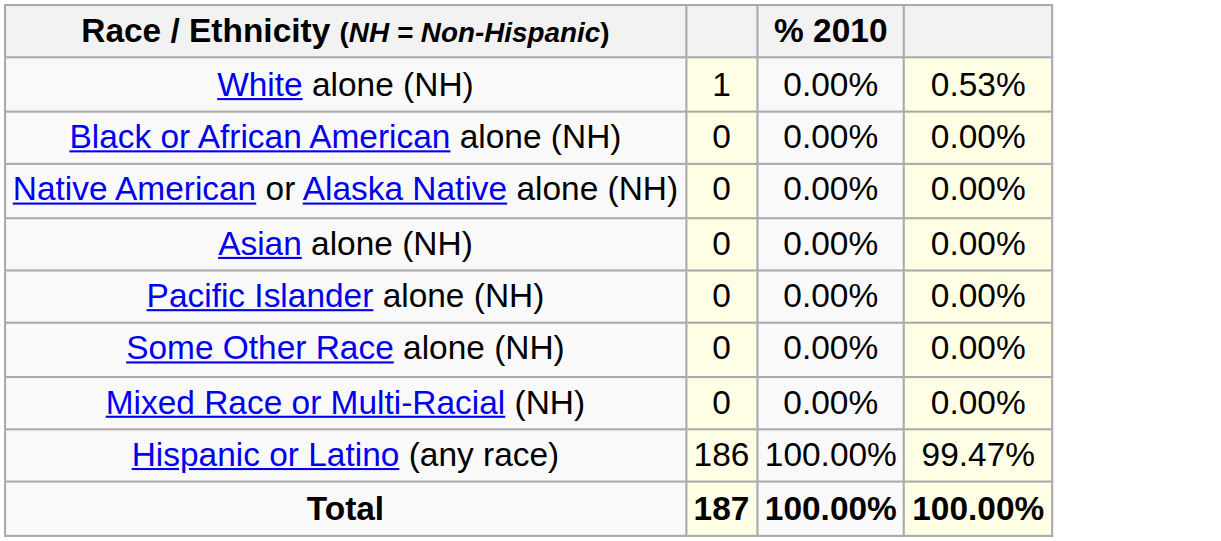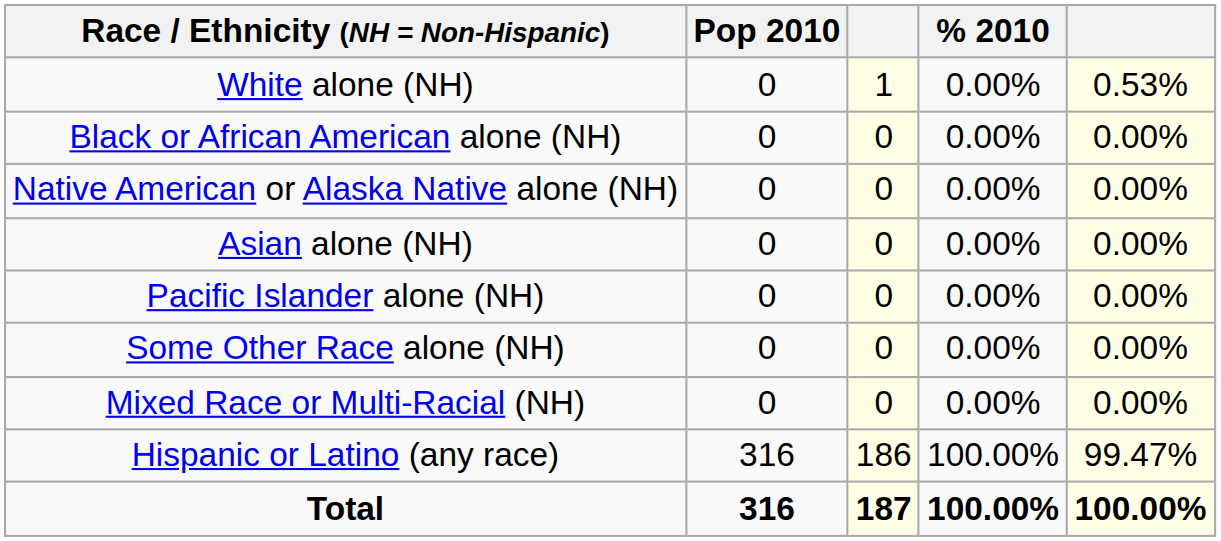 <table class="wikitable" style="text-align:center;">
 <tr>
 <th>Race / Ethnicity <small>(<em>NH = Non-Hispanic</em>)</small></th>
+<th>Pop 2010</th>
 <th></th>
 <th>% 2010</th>
 <th></th>
 </tr>
 <tr>
 <td><a href='#'>White</a> alone (NH)</td>
+<td>0</td>
 <td style='background: #ffffe6;'>1</td>
 <td>0.00%</td>
 <td style='background: #ffffe6;'>0.53%</td>
 </tr>
 <tr>
 <td><a href='#'>Black or African American</a> alone (NH)</td>
+<td>0</td>
 <td style='background: #ffffe6;'>0</td>
 <td>0.00%</td>
 <td style='background: #ffffe6;'>0.00%</td>
 </tr>
 <tr>
 <td><a href='#'>Native American</a> or <a href='#'>Alaska Native</a> alone (NH)</td>
+<td>0</td>
 <td style='background: #ffffe6;'>0</td>
 <td>0.00%</td>
 <td style='background: #ffffe6;'>0.00%</td>
 </tr>
 <tr>
 <td><a href='#'>Asian</a> alone (NH)</td>
+<td>0</td>
 <td style='background: #ffffe6;'>0</td>
 <td>0.00%</td>
 <td style='background: #ffffe6;'>0.00%</td>
 </tr>
 <tr>
 <td><a href='#'>Pacific Islander</a> alone (NH)</td>
+<td>0</td>
 <td style='background: #ffffe6;'>0</td>
 <td>0.00%</td>
 <td style='background: #ffffe6;'>0.00%</td>
 </tr>
 <tr>
 <td><a href='#'>Some Other Race</a> alone (NH)</td>
+<td>0</td>
 <td style='background: #ffffe6;'>0</td>
 <td>0.00%</td>
 <td style='background: #ffffe6;'>0.00%</td>
 </tr>
 <tr>
 <td><a href='#'>Mixed Race or Multi-Racial</a> (NH)</td>
+<td>0</td>
 <td style='background: #ffffe6;'>0</td>
 <td>0.00%</td>
 <td style='background: #ffffe6;'>0.00%</td>
 </tr>
 <tr>
 <td><a href='#'>Hispanic or Latino</a> (any race)</td>
+<td>316</td>
 <td style='background: #ffffe6;'>186</td>
 <td>100.00%</td>
 <td style='background: #ffffe6;'>99.47%</td>
 </tr>
 <tr>
 <td><strong>Total</strong></td>
+<td><strong>316</strong></td>
 <td style='background: #ffffe6;'><strong>187</strong></td>
 <td><strong>100.00%</strong></td>
 <td style='background: #ffffe6;'><strong>100.00%</strong></td>
 </tr>
 </table>
